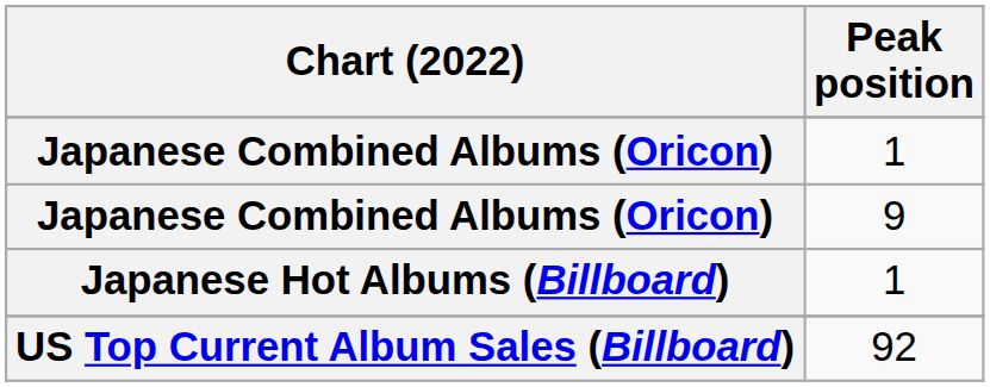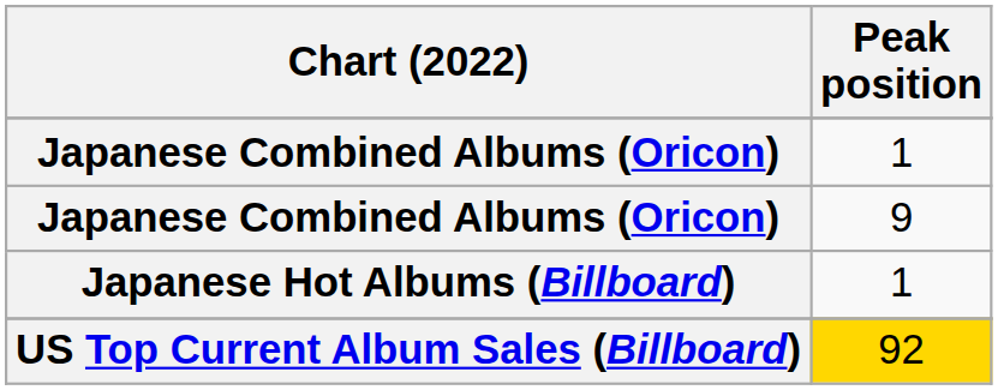 <table class="wikitable sortable plainrowheaders" style="text-align:center">
 <tr>
 <th scope="col">Chart (2022)</th>
 <th scope="col">Peak<br>position</th>
 </tr>
 <tr>
 </tr>
 <tr>
 </tr>
 <tr>
 <th scope="row">Japanese Combined Albums (<a href='#'>Oricon</a>)</th>
 <td>1</td>
 </tr>
 <tr>
 <th scope="row">Japanese Combined Albums (<a href='#'>Oricon</a>)<br></th>
 <td>9</td>
 </tr>
 <tr>
 <th scope="row">Japanese Hot Albums (<em><a href='#'>Billboard</a></em>)</th>
 <td>1</td>
 </tr>
 <tr>
 </tr>
 <tr>
 <th scope="row">US <a href='#'>Top Current Album Sales</a> (<em><a href='#'>Billboard</a></em>)</th>
-<td>92</td>
+<td style="background: gold;">92</td>
 </tr>
 </table>
